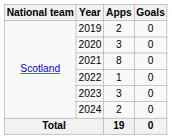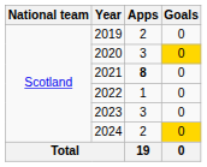 <table class=wikitable style="text-align: center">
 <tr>
 <th>National team</th>
 <th>Year</th>
 <th>Apps</th>
 <th>Goals</th>
 </tr>
 <tr>
 <td rowspan="6"><a href='#'>Scotland</a></td>
 <td>2019</td>
 <td>2</td>
 <td>0</td>
 </tr>
 <tr>
 <td>2020</td>
 <td>3</td>
-<td>0</td>
+<td style="background: gold;">0</td>
 </tr>
 <tr>
 <td>2021</td>
-<td>8</td>
+<td><strong>8</strong></td>
 <td>0</td>
 </tr>
 <tr>
 <td>2022</td>
 <td>1</td>
 <td>0</td>
 </tr>
 <tr>
 <td>2023</td>
 <td>3</td>
 <td>0</td>
 </tr>
 <tr>
 <td>2024</td>
 <td>2</td>
-<td>0</td>
+<td style="background: gold;">0</td>
 </tr>
 <tr>
 <th colspan="2">Total</th>
 <th>19</th>
 <th>0</th>
 </tr>
 </table>
